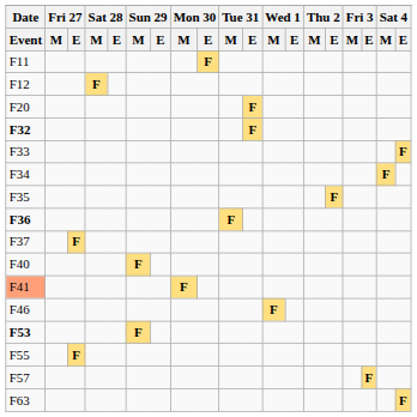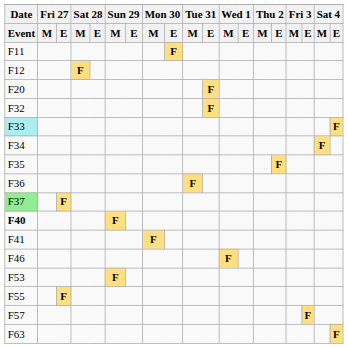 <table class="wikitable" style="margin:0.5em auto; font-size:90%; line-height:1.25em;">
 <tr align="center">
 </tr>
 <tr>
 <th>Date</th>
 <th colspan="2">Fri 27</th>
 <th colspan="2">Sat 28</th>
 <th colspan="2">Sun 29</th>
 <th colspan="2">Mon 30</th>
 <th colspan="2">Tue 31</th>
 <th colspan="2">Wed 1</th>
 <th colspan="2">Thu 2</th>
 <th colspan="2">Fri 3</th>
 <th colspan="2">Sat 4</th>
 </tr>
 <tr>
 <th>Event</th>
 <th>M</th>
 <th>E</th>
 <th>M</th>
 <th>E</th>
 <th>M</th>
 <th>E</th>
 <th>M</th>
 <th>E</th>
 <th>M</th>
 <th>E</th>
 <th>M</th>
 <th>E</th>
 <th>M</th>
 <th>E</th>
 <th>M</th>
 <th>E</th>
 <th>M</th>
 <th>E</th>
 </tr>
 <tr align="center">
 <td align="left">F11</td>
 <td colspan="2"></td>
 <td colspan="2"></td>
 <td colspan="2"></td>
 <td></td>
 <td bgcolor="#FFDF80"><strong>F</strong></td>
 <td colspan="2"></td>
 <td colspan="2"></td>
 <td colspan="2"></td>
 <td colspan="2"></td>
 <td colspan="2"></td>
 </tr>
 <tr align="center">
 <td align="left">F12</td>
 <td colspan="2"></td>
 <td bgcolor="#FFDF80"><strong>F</strong></td>
 <td></td>
 <td colspan="2"></td>
 <td colspan="2"></td>
 <td colspan="2"></td>
 <td colspan="2"></td>
 <td colspan="2"></td>
 <td colspan="2"></td>
 <td colspan="2"></td>
 </tr>
 <tr align="center">
 <td align="left">F20</td>
 <td colspan="2"></td>
 <td colspan="2"></td>
 <td colspan="2"></td>
 <td colspan="2"></td>
 <td></td>
 <td bgcolor="#FFDF80"><strong>F</strong></td>
 <td colspan="2"></td>
 <td colspan="2"></td>
 <td colspan="2"></td>
 <td colspan="2"></td>
 </tr>
 <tr align="center">
-<td align="left"><strong>F32</strong></td>
+<td align="left">F32</td>
 <td colspan="2"></td>
 <td colspan="2"></td>
 <td colspan="2"></td>
 <td colspan="2"></td>
 <td></td>
 <td bgcolor="#FFDF80"><strong>F</strong></td>
 <td colspan="2"></td>
 <td colspan="2"></td>
 <td colspan="2"></td>
 <td colspan="2"></td>
 </tr>
 <tr align="center">
-<td align="left">F33</td>
+<td align="left" style="background: paleturquoise;">F33</td>
 <td colspan="2"></td>
 <td colspan="2"></td>
 <td colspan="2"></td>
 <td colspan="2"></td>
 <td colspan="2"></td>
 <td colspan="2"></td>
 <td colspan="2"></td>
 <td colspan="2"></td>
 <td></td>
 <td bgcolor="#FFDF80"><strong>F</strong></td>
 </tr>
 <tr align="center">
 <td align="left">F34</td>
 <td colspan="2"></td>
 <td colspan="2"></td>
 <td colspan="2"></td>
 <td colspan="2"></td>
 <td colspan="2"></td>
 <td colspan="2"></td>
 <td colspan="2"></td>
 <td colspan="2"></td>
 <td bgcolor="#FFDF80"><strong>F</strong></td>
 <td></td>
 </tr>
 <tr align="center">
 <td align="left">F35</td>
 <td colspan="2"></td>
 <td colspan="2"></td>
 <td colspan="2"></td>
 <td colspan="2"></td>
 <td colspan="2"></td>
 <td colspan="2"></td>
 <td></td>
 <td bgcolor="#FFDF80"><strong>F</strong></td>
 <td colspan="2"></td>
 <td colspan="2"></td>
 </tr>
 <tr align="center">
-<td align="left"><strong>F36</strong></td>
+<td align="left">F36</td>
 <td colspan="2"></td>
 <td colspan="2"></td>
 <td colspan="2"></td>
 <td colspan="2"></td>
 <td bgcolor="#FFDF80"><strong>F</strong></td>
 <td></td>
 <td colspan="2"></td>
 <td colspan="2"></td>
 <td colspan="2"></td>
 <td colspan="2"></td>
 </tr>
 <tr align="center">
-<td align="left">F37</td>
+<td align="left" style="background: lightgreen;">F37</td>
 <td></td>
 <td bgcolor="#FFDF80"><strong>F</strong></td>
 <td colspan="2"></td>
 <td colspan="2"></td>
 <td colspan="2"></td>
 <td colspan="2"></td>
 <td colspan="2"></td>
 <td colspan="2"></td>
 <td colspan="2"></td>
 <td colspan="2"></td>
 </tr>
 <tr align="center">
-<td align="left">F40</td>
+<td align="left"><strong>F40</strong></td>
 <td colspan="2"></td>
 <td colspan="2"></td>
 <td bgcolor="#FFDF80"><strong>F</strong></td>
 <td></td>
 <td colspan="2"></td>
 <td colspan="2"></td>
 <td colspan="2"></td>
 <td colspan="2"></td>
 <td colspan="2"></td>
 <td colspan="2"></td>
 </tr>
 <tr align="center">
-<td align="left" style="background: lightsalmon;">F41</td>
+<td align="left">F41</td>
 <td colspan="2"></td>
 <td colspan="2"></td>
 <td colspan="2"></td>
 <td bgcolor="#FFDF80"><strong>F</strong></td>
 <td></td>
 <td colspan="2"></td>
 <td colspan="2"></td>
 <td colspan="2"></td>
 <td colspan="2"></td>
 <td colspan="2"></td>
 </tr>
 <tr align="center">
 <td align="left">F46</td>
 <td colspan="2"></td>
 <td colspan="2"></td>
 <td colspan="2"></td>
 <td colspan="2"></td>
 <td colspan="2"></td>
 <td bgcolor="#FFDF80"><strong>F</strong></td>
 <td></td>
 <td colspan="2"></td>
 <td colspan="2"></td>
 <td colspan="2"></td>
 </tr>
 <tr align="center">
-<td align="left"><strong>F53</strong></td>
+<td align="left">F53</td>
 <td colspan="2"></td>
 <td colspan="2"></td>
 <td bgcolor="#FFDF80"><strong>F</strong></td>
 <td></td>
 <td colspan="2"></td>
 <td colspan="2"></td>
 <td colspan="2"></td>
 <td colspan="2"></td>
 <td colspan="2"></td>
 <td colspan="2"></td>
 </tr>
 <tr align="center">
 <td align="left">F55</td>
 <td></td>
 <td bgcolor="#FFDF80"><strong>F</strong></td>
 <td colspan="2"></td>
 <td colspan="2"></td>
 <td colspan="2"></td>
 <td colspan="2"></td>
 <td colspan="2"></td>
 <td colspan="2"></td>
 <td colspan="2"></td>
 <td colspan="2"></td>
 </tr>
 <tr align="center">
 <td align="left">F57</td>
 <td colspan="2"></td>
 <td colspan="2"></td>
 <td colspan="2"></td>
 <td colspan="2"></td>
 <td colspan="2"></td>
 <td colspan="2"></td>
 <td colspan="2"></td>
 <td></td>
 <td bgcolor="#FFDF80"><strong>F</strong></td>
 <td colspan="2"></td>
 </tr>
 <tr align="center">
 <td align="left">F63</td>
 <td colspan="2"></td>
 <td colspan="2"></td>
 <td colspan="2"></td>
 <td colspan="2"></td>
 <td colspan="2"></td>
 <td colspan="2"></td>
 <td colspan="2"></td>
 <td colspan="2"></td>
 <td></td>
 <td bgcolor="#FFDF80"><strong>F</strong></td>
 </tr>
 </table>
